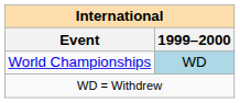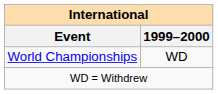 <table class="wikitable" style="text-align:center">
 <tr>
 <th style="background-color: #ffdead; " colspan=4 align=center>International</th>
 </tr>
 <tr>
 <th>Event</th>
 <th>1999–2000</th>
 </tr>
 <tr>
 <td align=left><a href='#'>World Championships</a></td>
-<td style="background: lightblue;">WD</td>
+<td>WD</td>
 </tr>
 <tr>
 <td colspan=2 align=center><small> WD = Withdrew </small></td>
 </tr>
 </table>
